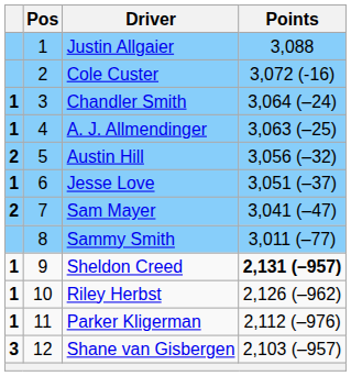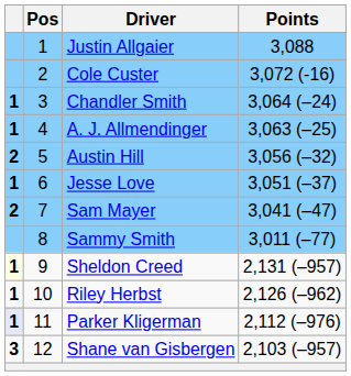 <table class="wikitable" style="font-size: 95%;">
 <tr>
 <th></th>
 <th>Pos</th>
 <th>Driver</th>
 <th>Points</th>
 </tr>
 <tr style="background:#87CEFA;">
 <td align="left"></td>
 <td style="text-align:center;">1</td>
 <td><a href='#'>Justin Allgaier</a></td>
 <td style="text-align:center;">3,088</td>
 </tr>
 <tr style="background:#87CEFA;">
 <td align="left"></td>
 <td style="text-align:center;">2</td>
 <td><a href='#'>Cole Custer</a></td>
 <td style="text-align:center;">3,072 (-16)</td>
 </tr>
 <tr style="background:#87CEFA;">
 <td align="left"> <strong>1</strong></td>
 <td style="text-align:center;">3</td>
 <td><a href='#'>Chandler Smith</a></td>
 <td style="text-align:center;">3,064 (–24)</td>
 </tr>
 <tr style="background:#87CEFA;">
 <td align="left"> <strong>1</strong></td>
 <td style="text-align:center;">4</td>
 <td><a href='#'>A. J. Allmendinger</a></td>
 <td style="text-align:center;">3,063 (–25)</td>
 </tr>
 <tr style="background:#87CEFA;">
 <td align="left"> <strong>2</strong></td>
 <td style="text-align:center;">5</td>
 <td><a href='#'>Austin Hill</a></td>
 <td style="text-align:center;">3,056 (–32)</td>
 </tr>
 <tr style="background:#87CEFA;">
 <td align="left"> <strong>1</strong></td>
 <td style="text-align:center;">6</td>
 <td><a href='#'>Jesse Love</a></td>
 <td style="text-align:center;">3,051 (–37)</td>
 </tr>
 <tr style="background:#87CEFA;">
 <td align="left"> <strong>2</strong></td>
 <td style="text-align:center;">7</td>
 <td><a href='#'>Sam Mayer</a></td>
 <td style="text-align:center;">3,041 (–47)</td>
 </tr>
 <tr style="background:#87CEFA;">
 <td align="left"></td>
 <td style="text-align:center;">8</td>
 <td><a href='#'>Sammy Smith</a></td>
 <td style="text-align:center;">3,011 (–77)</td>
 </tr>
 <tr>
-<td align="left"> <strong>1</strong></td>
+<td align="left" style="background: lightyellow;"> <strong>1</strong></td>
 <td style="text-align:center;">9</td>
 <td><a href='#'>Sheldon Creed</a></td>
-<td style="text-align:center;"><strong>2,131 (–957)</strong></td>
+<td style="text-align:center;">2,131 (–957)</td>
 </tr>
 <tr>
 <td align="left"> <strong>1</strong></td>
 <td style="text-align:center;">10</td>
 <td><a href='#'>Riley Herbst</a></td>
 <td style="text-align:center;">2,126 (–962)</td>
 </tr>
 <tr>
-<td align="left"> <strong>1</strong></td>
+<td align="left" style="background: lavender;"> <strong>1</strong></td>
 <td style="text-align:center;">11</td>
 <td><a href='#'>Parker Kligerman</a></td>
 <td style="text-align:center;">2,112 (–976)</td>
 </tr>
 <tr>
 <td align="left"> <strong>3</strong></td>
 <td style="text-align:center;">12</td>
 <td><a href='#'>Shane van Gisbergen</a></td>
 <td style="text-align:center;">2,103 (–957)</td>
 </tr>
 <tr class="sortbottom">
 <th colspan="9"></th>
 </tr>
 </table>
